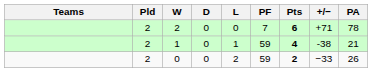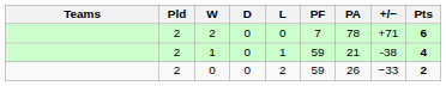 <table class="wikitable" style="text-align: center;">
 <tr>
 <th width="200">Teams</th>
 <th width="40">Pld</th>
 <th width="40">W</th>
 <th width="40">D</th>
 <th width="40">L</th>
 <th width="40">PF</th>
+<th width="40">PA</th>
+<th width="40">+/−</th>
 <th width="40">Pts</th>
-<th width="40">+/−</th>
-<th width="40">PA</th>
 </tr>
 <tr bgcolor=ccffcc>
 <td align=left></td>
 <td>2</td>
 <td>2</td>
 <td>0</td>
 <td>0</td>
 <td>7</td>
+<td>78</td>
+<td>+71</td>
 <td><strong>6</strong></td>
-<td>+71</td>
-<td>78</td>
 </tr>
 <tr bgcolor=ccffcc>
 <td align=left></td>
 <td>2</td>
 <td>1</td>
 <td>0</td>
 <td>1</td>
 <td>59</td>
+<td>21</td>
+<td>-38</td>
 <td><strong>4</strong></td>
-<td>-38</td>
-<td>21</td>
 </tr>
 <tr>
 <td align=left></td>
 <td>2</td>
 <td>0</td>
 <td>0</td>
 <td>2</td>
 <td>59</td>
+<td>26</td>
+<td>−33</td>
 <td><strong>2</strong></td>
-<td>−33</td>
-<td>26</td>
 </tr>
 </table>
